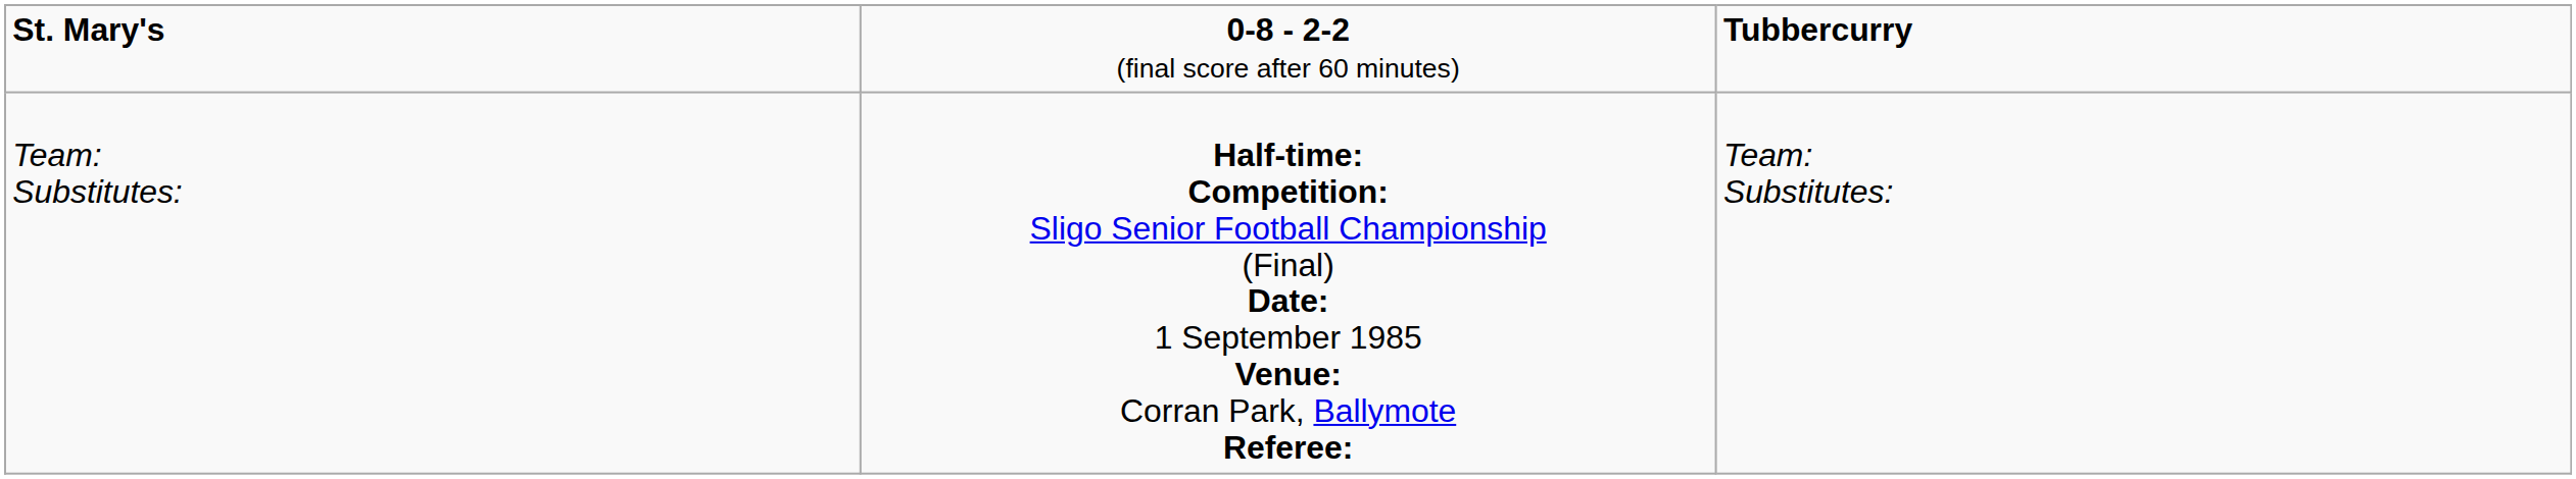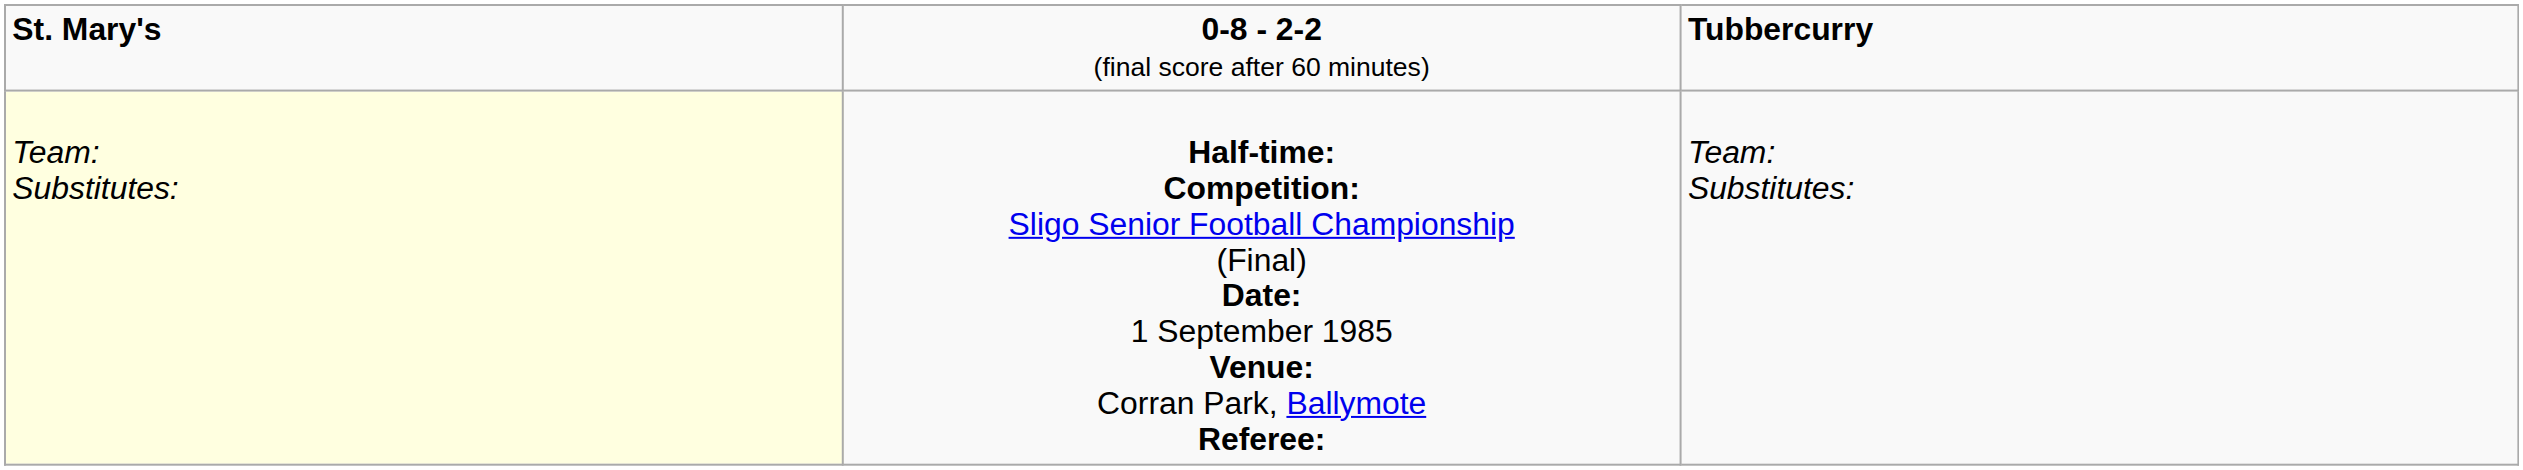 <table border=0 class="wikitable" width=100%>
 <tr>
 <td width=33% valign=top><span><strong>St. Mary's</strong></span><br><small></small></td>
 <td width=33% valign=top align=center><span><strong>0-8 - 2-2</strong></span><br><small>(final score after 60 minutes)</small></td>
 <td width=33% valign=top><span><strong>Tubbercurry</strong></span><br><small></small></td>
 </tr>
 <tr>
-<td valign=top><br><em>Team:</em> <br><em>Substitutes:</em> <br></td>
+<td valign=top style="background: lightyellow;"><br><em>Team:</em> <br><em>Substitutes:</em> <br></td>
 <td valign=middle align=center><br><strong>Half-time:</strong><br><strong>Competition:</strong><br><a href='#'>Sligo Senior Football Championship</a><br>(Final)<br><strong>Date:</strong><br>1 September 1985<br><strong>Venue:</strong><br>Corran Park, <a href='#'>Ballymote</a><br><strong>Referee:</strong><br></td>
 <td valign=top><br><em>Team:</em> <br><em>Substitutes:</em> <br></td>
 </tr>
 </table>
